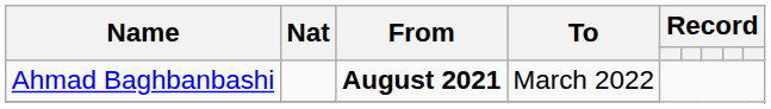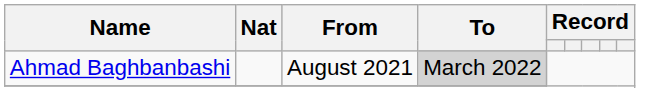 <table class="wikitable" style="text-align: center">
 <tr>
 <th rowspan="2">Name</th>
 <th rowspan="2">Nat</th>
 <th rowspan="2">From</th>
 <th rowspan="2">To</th>
 <th colspan="6">Record</th>
 </tr>
 <tr>
 <th></th>
 <th></th>
 <th></th>
 <th></th>
 <th></th>
 </tr>
 <tr>
 <td align=left><a href='#'>Ahmad Baghbanbashi</a></td>
 <td align=left></td>
-<td align=left><strong>August 2021</strong></td>
-<td align=left>March 2022<br></td>
+<td align=left>August 2021</td>
+<td align=left style="background: lightgrey;">March 2022<br></td>
 </tr>
 <tr>
 </tr>
 </table>
